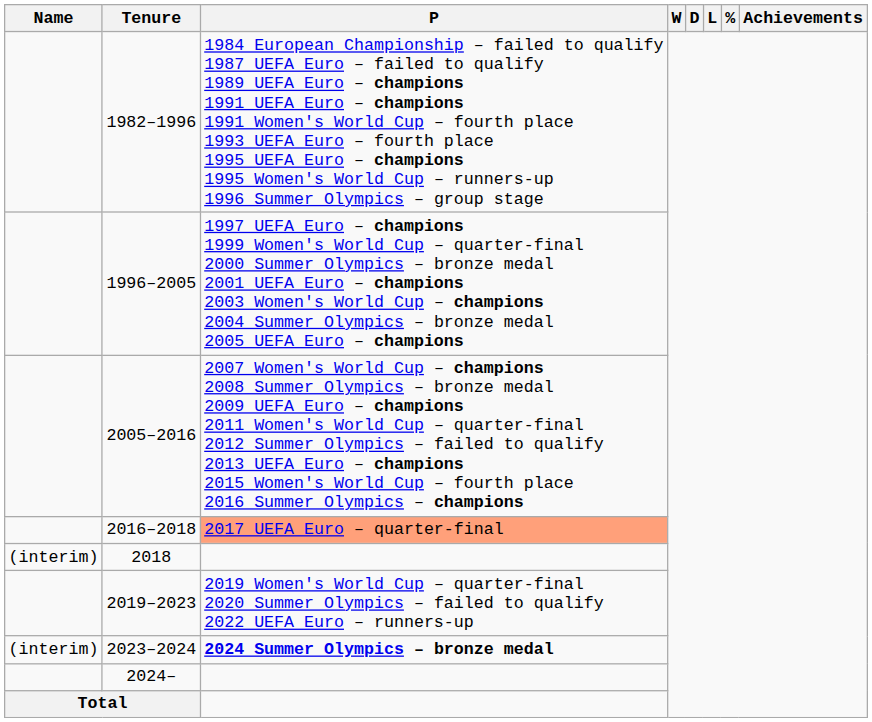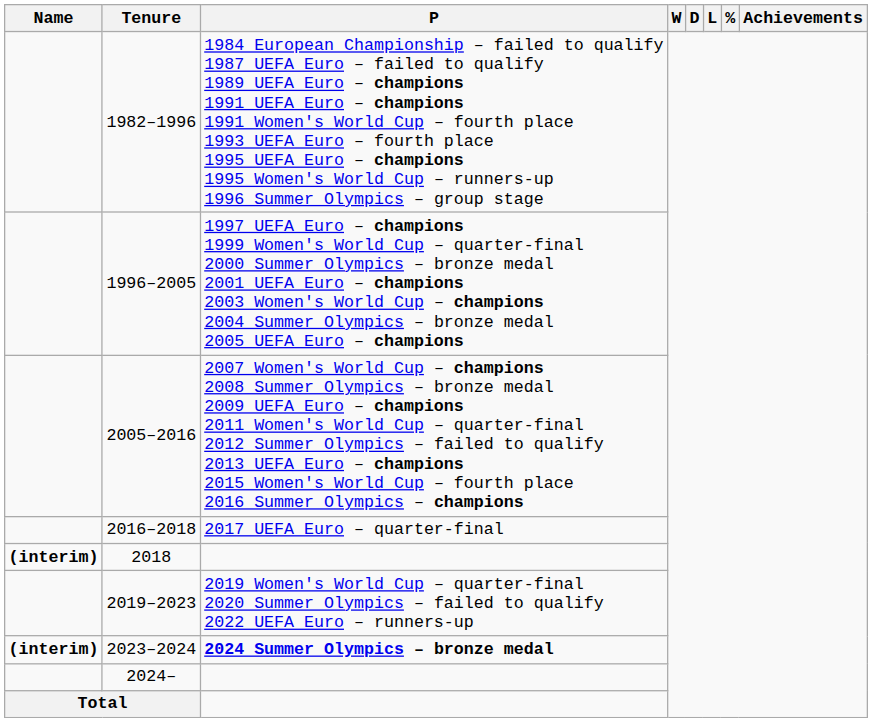 <table class="wikitable sortable" style="text-align:center;">
 <tr>
 <th>Name</th>
 <th>Tenure</th>
 <th>P</th>
 <th>W</th>
 <th>D</th>
 <th>L</th>
 <th>%</th>
 <th class="unsortable">Achievements</th>
 </tr>
 <tr>
 <td style="text-align: left;"> </td>
 <td>1982–1996<br></td>
 <td style="text-align: left;"><a href='#'>1984 European Championship</a> – failed to qualify<br><a href='#'>1987 UEFA Euro</a> – failed to qualify<br><a href='#'>1989 UEFA Euro</a> – <strong>champions</strong><br><a href='#'>1991 UEFA Euro</a> – <strong>champions</strong><br><a href='#'>1991 Women's World Cup</a> – fourth place<br><a href='#'>1993 UEFA Euro</a> – fourth place<br><a href='#'>1995 UEFA Euro</a> – <strong>champions</strong><br><a href='#'>1995 Women's World Cup</a> – runners-up<br><a href='#'>1996 Summer Olympics</a> – group stage</td>
 </tr>
 <tr>
 <td style="text-align: left;"> </td>
 <td>1996–2005<br></td>
 <td style="text-align: left;"><a href='#'>1997 UEFA Euro</a> – <strong>champions</strong><br><a href='#'>1999 Women's World Cup</a> – quarter-final<br><a href='#'>2000 Summer Olympics</a> – bronze medal<br><a href='#'>2001 UEFA Euro</a>  – <strong>champions</strong><br><a href='#'>2003 Women's World Cup</a> – <strong>champions</strong><br><a href='#'>2004 Summer Olympics</a> – bronze medal<br><a href='#'>2005 UEFA Euro</a> – <strong>champions</strong></td>
 </tr>
 <tr>
 <td style="text-align: left;"> </td>
 <td>2005–2016<br></td>
 <td style="text-align: left;"><a href='#'>2007 Women's World Cup</a> – <strong>champions</strong><br><a href='#'>2008 Summer Olympics</a> – bronze medal<br><a href='#'>2009 UEFA Euro</a> – <strong>champions</strong><br><a href='#'>2011 Women's World Cup</a> – quarter-final<br><a href='#'>2012 Summer Olympics</a> – failed to qualify<br><a href='#'>2013 UEFA Euro</a> – <strong>champions</strong><br><a href='#'>2015 Women's World Cup</a> – fourth place<br><a href='#'>2016 Summer Olympics</a> – <strong>champions</strong></td>
 </tr>
 <tr>
 <td style="text-align: left;"> </td>
 <td>2016–2018<br></td>
-<td style="background: lightsalmon; text-align: left;"><a href='#'>2017 UEFA Euro</a> – quarter-final</td>
+<td style="text-align: left;"><a href='#'>2017 UEFA Euro</a> – quarter-final</td>
 </tr>
 <tr>
-<td style="text-align: left;">  (interim)</td>
+<td style="text-align: left;"><strong>  (interim)</strong></td>
 <td>2018<br></td>
 <td></td>
 </tr>
 <tr>
 <td style="text-align: left;"> </td>
 <td>2019–2023<br></td>
 <td style="text-align: left;"><a href='#'>2019 Women's World Cup</a> – quarter-final<br><a href='#'>2020 Summer Olympics</a> – failed to qualify<br><a href='#'>2022 UEFA Euro</a> – runners-up</td>
 </tr>
 <tr>
-<td style="text-align: left;">  (interim)</td>
+<td style="text-align: left;"><strong>  (interim)</strong></td>
 <td>2023–2024<br></td>
 <td style="text-align: left;"><strong><a href='#'>2024 Summer Olympics</a> – bronze medal</strong></td>
 </tr>
 <tr>
 <td style="text-align: left;"> </td>
 <td>2024–<br></td>
 <td></td>
 </tr>
 <tr class="sortbottom">
 <th colspan=2>Total<br></th>
 <td></td>
 </tr>
 </table>
